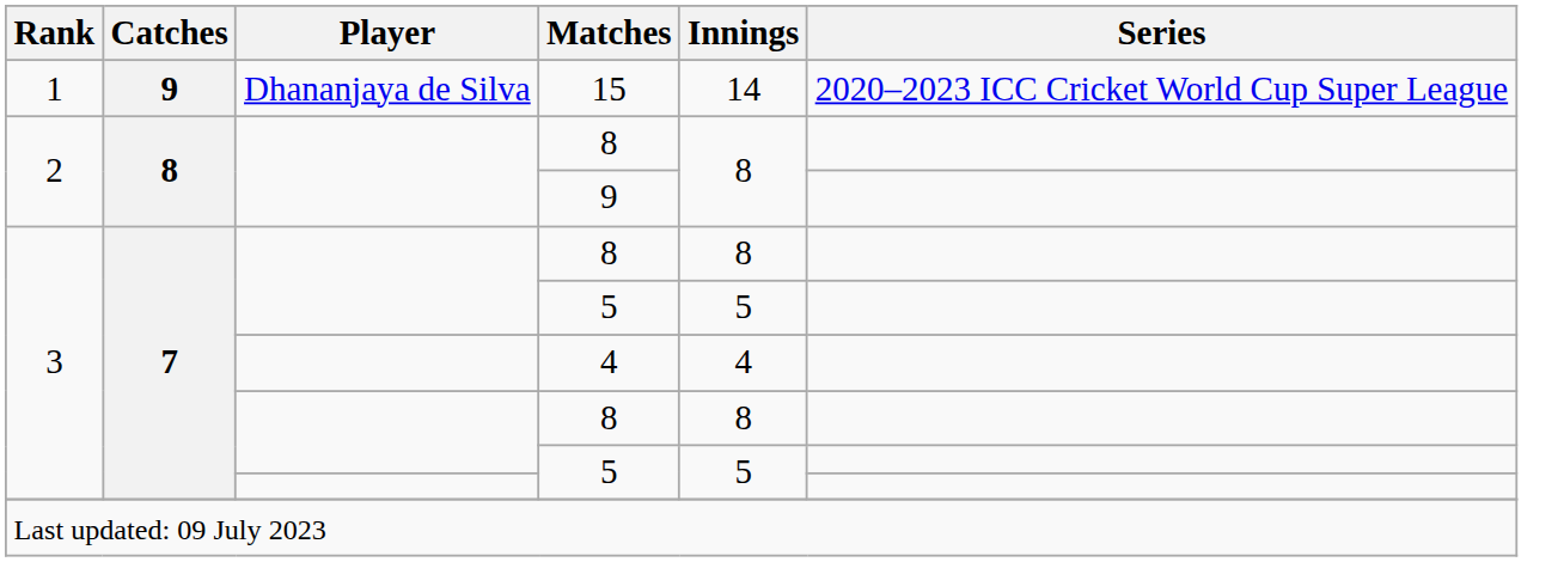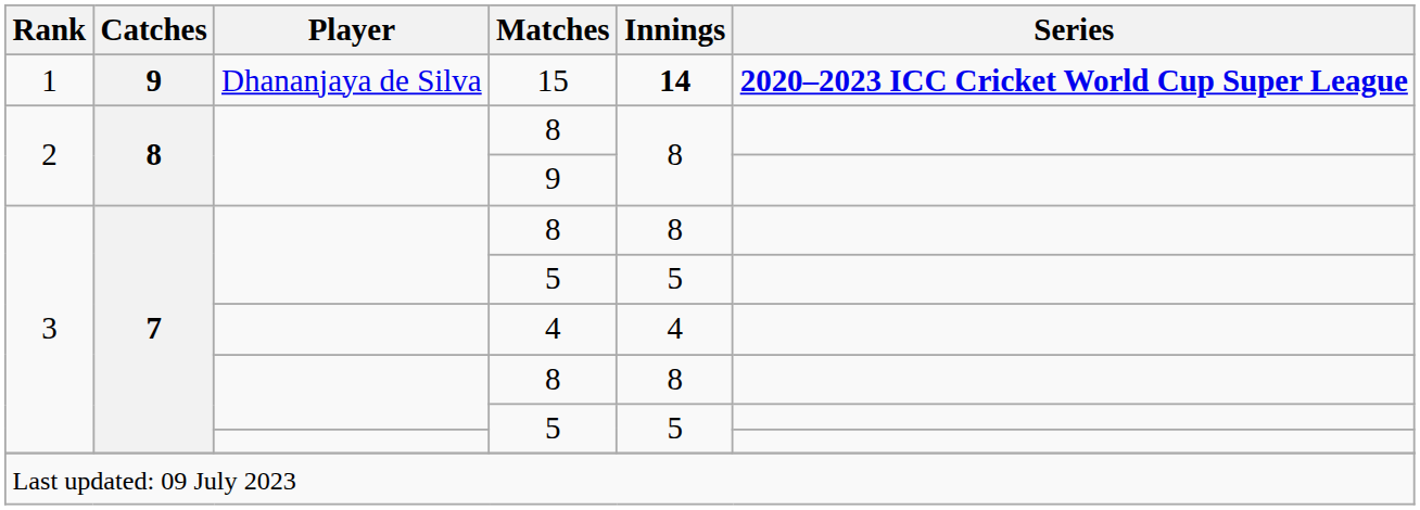 <table class="wikitable plainrowheaders sortable">
 <tr>
 <th scope=col>Rank</th>
 <th scope=col>Catches</th>
 <th scope=col>Player</th>
 <th scope=col>Matches</th>
 <th scope=col>Innings</th>
 <th scope=col>Series</th>
 </tr>
 <tr>
 <td align=center>1</td>
 <th scope=row style=text-align:center>9</th>
 <td><a href='#'>Dhananjaya de Silva</a> </td>
 <td align=center>15</td>
-<td align=center>14</td>
-<td><a href='#'>2020–2023 ICC Cricket World Cup Super League</a></td>
+<td align=center><strong>14</strong></td>
+<td><strong><a href='#'>2020–2023 ICC Cricket World Cup Super League</a></strong></td>
 </tr>
 <tr>
 <td align=center rowspan=2>2</td>
 <th scope=row style=text-align:center; rowspan=2>8</th>
 <td rowspan=2></td>
 <td align=center>8</td>
 <td align=center rowspan=2>8</td>
 <td></td>
 </tr>
 <tr>
 <td align=center>9</td>
 <td></td>
 </tr>
 <tr>
 <td align=center rowspan=6>3</td>
 <th scope=row style=text-align:center; rowspan=6>7</th>
 <td rowspan=2></td>
 <td align=center>8</td>
 <td align=center>8</td>
 <td></td>
 </tr>
 <tr>
 <td align=center>5</td>
 <td align=center>5</td>
 <td></td>
 </tr>
 <tr>
 <td></td>
 <td align=center>4</td>
 <td align=center>4</td>
 <td></td>
 </tr>
 <tr>
 <td rowspan=2></td>
 <td align=center>8</td>
 <td align=center>8</td>
 <td></td>
 </tr>
 <tr>
 <td align=center rowspan=2>5</td>
 <td align=center rowspan=2>5</td>
 <td></td>
 </tr>
 <tr>
 <td></td>
 <td></td>
 </tr>
 <tr>
 </tr>
 <tr class=sortbottom>
 <td colspan=6><small>Last updated: 09 July 2023</small></td>
 </tr>
 </table>
